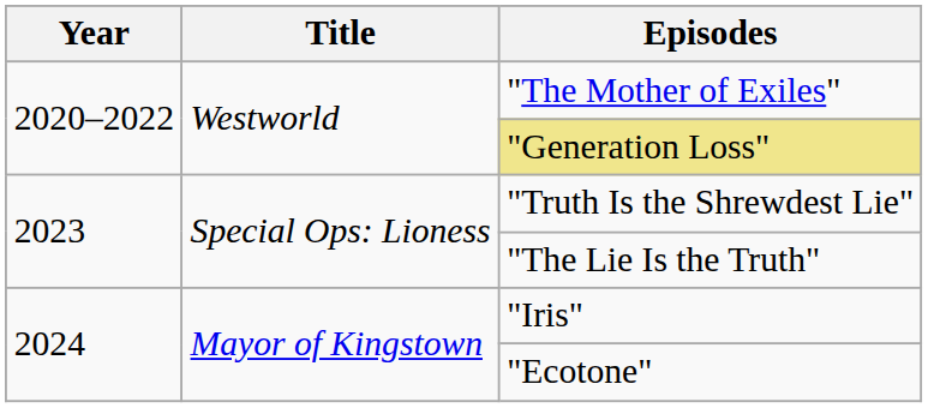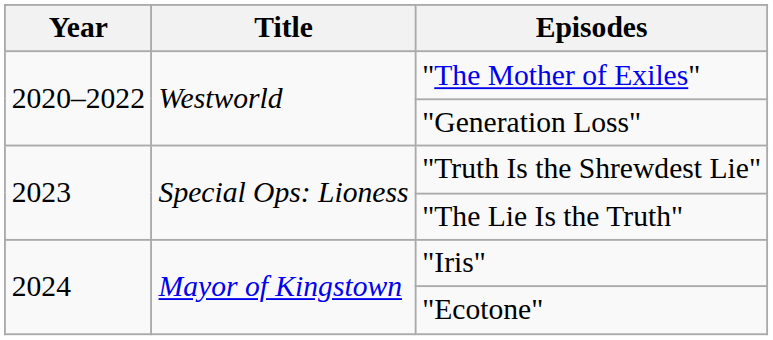 <table class="wikitable">
 <tr>
 <th>Year</th>
 <th>Title</th>
 <th>Episodes</th>
 </tr>
 <tr>
 <td rowspan=2>2020–2022</td>
 <td rowspan=2><em>Westworld</em></td>
 <td>"<a href='#'>The Mother of Exiles</a>"</td>
 </tr>
 <tr>
-<td style="background: khaki;">"Generation Loss"</td>
+<td>"Generation Loss"</td>
 </tr>
 <tr>
 <td rowspan=2>2023</td>
 <td rowspan=2><em>Special Ops: Lioness</em></td>
 <td>"Truth Is the Shrewdest Lie"</td>
 </tr>
 <tr>
 <td>"The Lie Is the Truth"</td>
 </tr>
 <tr>
 <td rowspan=2>2024</td>
 <td rowspan=2><em><a href='#'>Mayor of Kingstown</a></em></td>
 <td>"Iris"</td>
 </tr>
 <tr>
 <td>"Ecotone"</td>
 </tr>
 </table>
